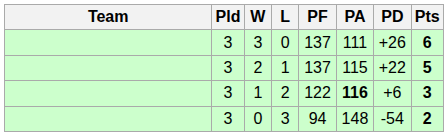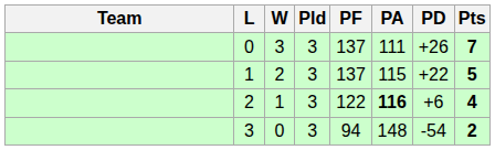 <table class="wikitable" style="text-align:center;">
 <tr>
 <th width=200>Team</th>
+<th width=20>L</th>
+<th width=20>W</th>
 <th width=20>Pld</th>
-<th width=20>W</th>
-<th width=20>L</th>
 <th width=30>PF</th>
 <th width=30>PA</th>
 <th width=30>PD</th>
 <th width=20>Pts</th>
 </tr>
 <tr style="background:#cfc;">
 <td align=left></td>
+<td>0</td>
 <td>3</td>
 <td>3</td>
-<td>0</td>
 <td>137</td>
 <td>111</td>
 <td>+26</td>
-<td><strong>6</strong></td>
+<td><strong>7</strong></td>
 </tr>
 <tr style="background:#cfc;">
 <td align=left></td>
+<td>1</td>
+<td>2</td>
 <td>3</td>
-<td>2</td>
-<td>1</td>
 <td>137</td>
 <td>115</td>
 <td>+22</td>
 <td><strong>5</strong></td>
 </tr>
 <tr style="background:#cfc;">
 <td align=left></td>
+<td>2</td>
+<td>1</td>
 <td>3</td>
-<td>1</td>
-<td>2</td>
 <td>122</td>
 <td><strong>116</strong></td>
 <td>+6</td>
-<td><strong>3</strong></td>
+<td><strong>4</strong></td>
 </tr>
 <tr style="background:#cfc;">
 <td align=left></td>
 <td>3</td>
 <td>0</td>
 <td>3</td>
 <td>94</td>
 <td>148</td>
 <td>-54</td>
 <td><strong>2</strong></td>
 </tr>
 </table>
